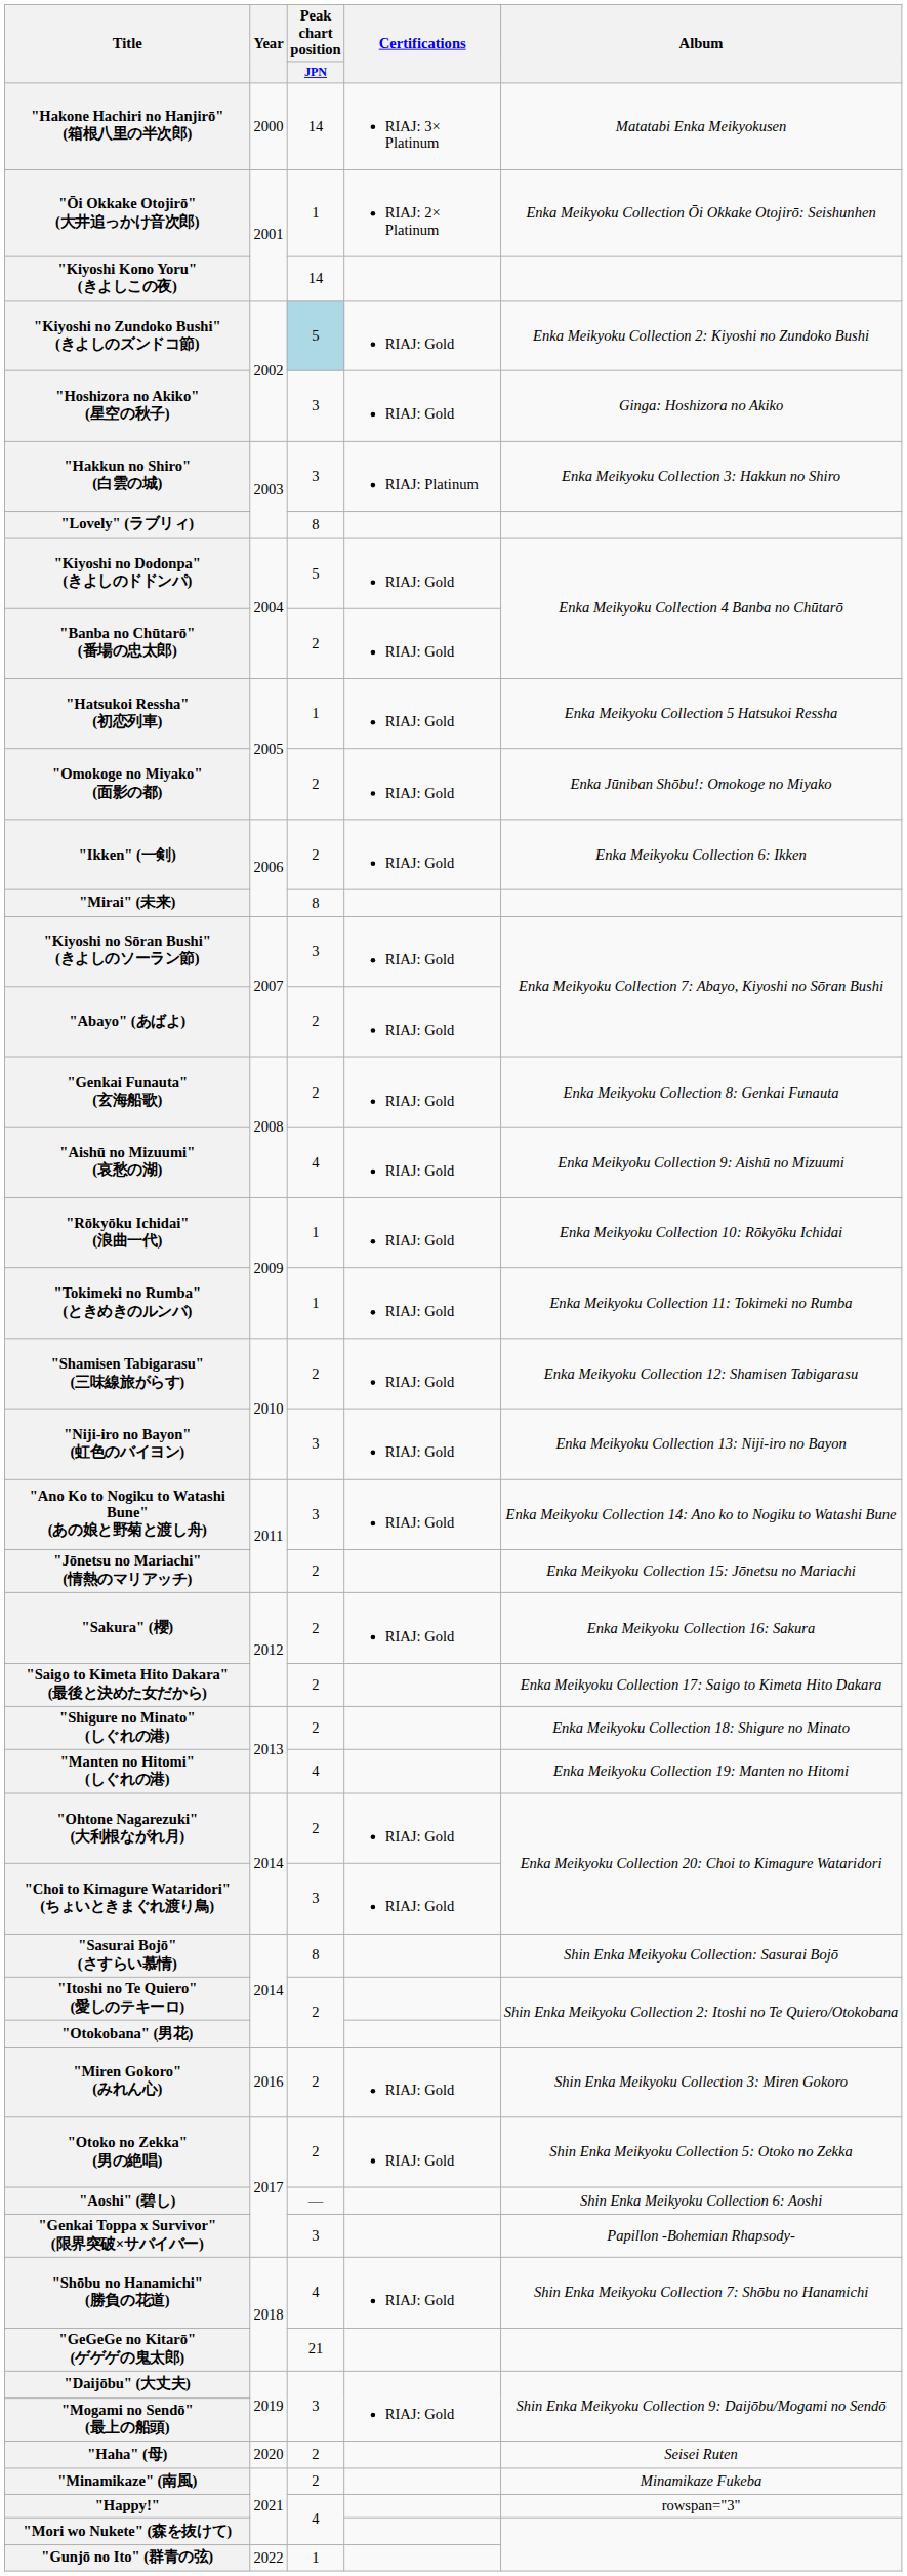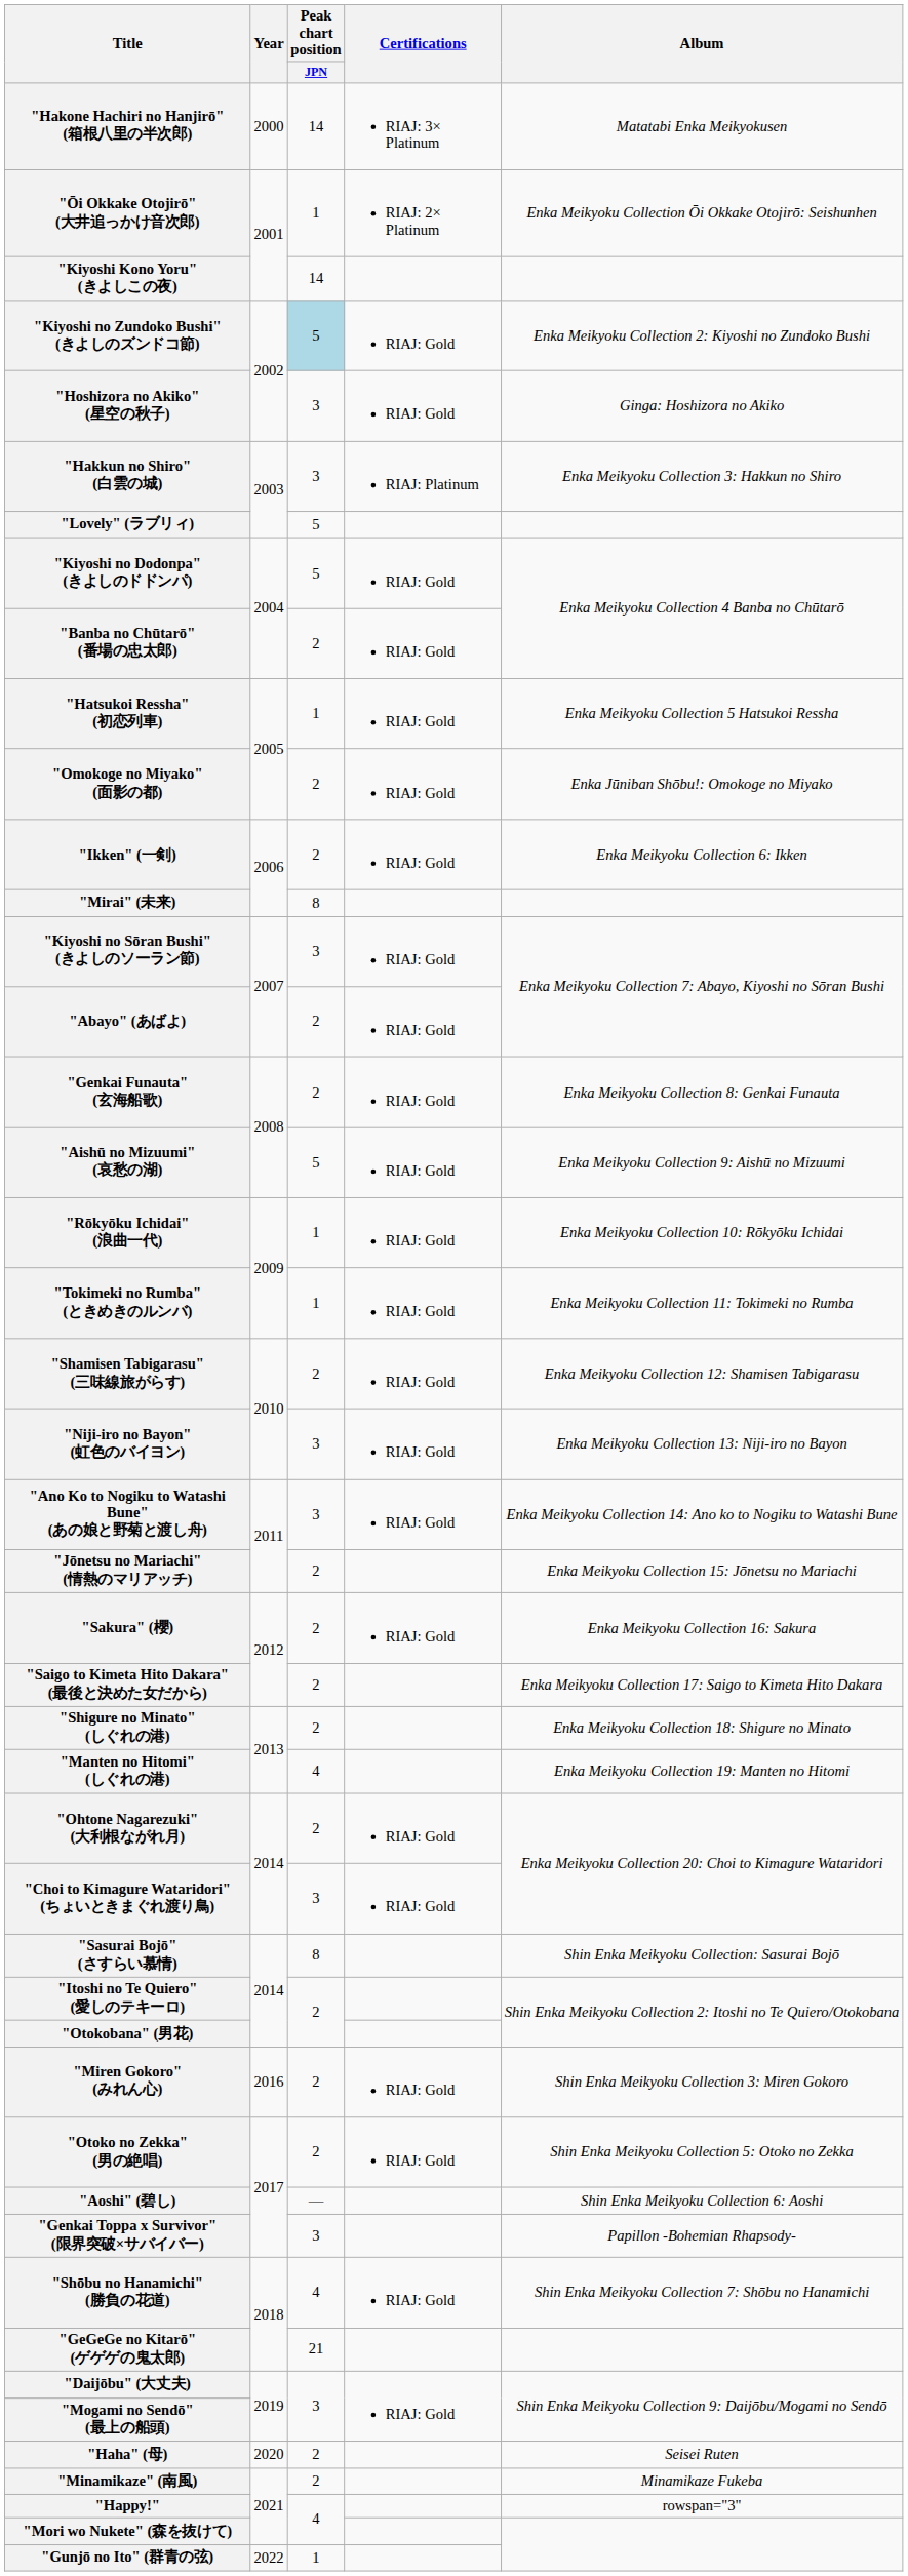 <table class="wikitable plainrowheaders" style="text-align:center;">
 <tr>
 <th rowspan="2" style="width:16em;">Title</th>
 <th rowspan="2">Year</th>
 <th colspan="1">Peak chart position</th>
 <th rowspan="2" style="width:10em;"><a href='#'>Certifications</a></th>
 <th rowspan="2">Album</th>
 </tr>
 <tr style="font-size:smaller;">
 <th width="35"><a href='#'>JPN</a><br></th>
 </tr>
 <tr>
 <th scope="row">"Hakone Hachiri no Hanjirō"<br>(箱根八里の半次郎)</th>
 <td>2000</td>
 <td>14</td>
 <td align="left"><br><ul><li>RIAJ: 3× Platinum</li></ul></td>
 <td><em>Matatabi Enka Meikyokusen</em></td>
 </tr>
 <tr>
 <th scope="row">"Ōi Okkake Otojirō"<br>(大井追っかけ音次郎)</th>
 <td rowspan="2">2001</td>
 <td>1</td>
 <td align="left"><br><ul><li>RIAJ: 2× Platinum</li></ul></td>
 <td><em>Enka Meikyoku Collection Ōi Okkake Otojirō: Seishunhen</em></td>
 </tr>
 <tr>
 <th scope="row">"Kiyoshi Kono Yoru"<br>(きよしこの夜)</th>
 <td>14</td>
 <td align="left"></td>
 <td></td>
 </tr>
 <tr>
 <th scope="row">"Kiyoshi no Zundoko Bushi"<br>(きよしのズンドコ節)</th>
 <td rowspan="2">2002</td>
 <td style="background: lightblue;">5</td>
 <td align="left"><br><ul><li>RIAJ: Gold</li></ul></td>
 <td><em>Enka Meikyoku Collection 2: Kiyoshi no Zundoko Bushi</em></td>
 </tr>
 <tr>
 <th scope="row">"Hoshizora no Akiko"<br>(星空の秋子)</th>
 <td>3</td>
 <td align="left"><br><ul><li>RIAJ: Gold</li></ul></td>
 <td><em>Ginga: Hoshizora no Akiko</em></td>
 </tr>
 <tr>
 <th scope="row">"Hakkun no Shiro"<br>(白雲の城)</th>
 <td rowspan="2">2003</td>
 <td>3</td>
 <td align="left"><br><ul><li>RIAJ: Platinum</li></ul></td>
 <td><em>Enka Meikyoku Collection 3: Hakkun no Shiro</em></td>
 </tr>
 <tr>
 <th scope="row">"Lovely" (ラブリィ) <br></th>
-<td>8</td>
+<td>5</td>
 <td align="left"></td>
 <td></td>
 </tr>
 <tr>
 <th scope="row">"Kiyoshi no Dodonpa"<br>(きよしのドドンパ)</th>
 <td rowspan="2">2004</td>
 <td>5</td>
 <td align="left"><br><ul><li>RIAJ: Gold</li></ul></td>
 <td rowspan="2"><em>Enka Meikyoku Collection 4 Banba no Chūtarō</em></td>
 </tr>
 <tr>
 <th scope="row">"Banba no Chūtarō"<br>(番場の忠太郎)</th>
 <td>2</td>
 <td align="left"><br><ul><li>RIAJ: Gold</li></ul></td>
 </tr>
 <tr>
 <th scope="row">"Hatsukoi Ressha"<br>(初恋列車)</th>
 <td rowspan="2">2005</td>
 <td>1</td>
 <td align="left"><br><ul><li>RIAJ: Gold</li></ul></td>
 <td><em>Enka Meikyoku Collection 5 Hatsukoi Ressha</em></td>
 </tr>
 <tr>
 <th scope="row">"Omokoge no Miyako"<br>(面影の都)</th>
 <td>2</td>
 <td align="left"><br><ul><li>RIAJ: Gold</li></ul></td>
 <td><em>Enka Jūniban Shōbu!: Omokoge no Miyako</em></td>
 </tr>
 <tr>
 <th scope="row">"Ikken" (一剣)</th>
 <td rowspan="2">2006</td>
 <td>2</td>
 <td align="left"><br><ul><li>RIAJ: Gold</li></ul></td>
 <td><em>Enka Meikyoku Collection 6: Ikken</em></td>
 </tr>
 <tr>
 <th scope="row">"Mirai" (未来)</th>
 <td>8</td>
 <td align="left"></td>
 <td></td>
 </tr>
 <tr>
 <th scope="row">"Kiyoshi no Sōran Bushi"<br>(きよしのソーラン節)</th>
 <td rowspan="2">2007</td>
 <td>3</td>
 <td align="left"><br><ul><li>RIAJ: Gold</li></ul></td>
 <td rowspan="2"><em>Enka Meikyoku Collection 7: Abayo, Kiyoshi no Sōran Bushi</em></td>
 </tr>
 <tr>
 <th scope="row">"Abayo" (あばよ)</th>
 <td>2</td>
 <td align="left"><br><ul><li>RIAJ: Gold</li></ul></td>
 </tr>
 <tr>
 <th scope="row">"Genkai Funauta"<br>(玄海船歌)</th>
 <td rowspan="2">2008</td>
 <td>2</td>
 <td align="left"><br><ul><li>RIAJ: Gold</li></ul></td>
 <td><em>Enka Meikyoku Collection 8: Genkai Funauta</em></td>
 </tr>
 <tr>
 <th scope="row">"Aishū no Mizuumi"<br>(哀愁の湖)</th>
-<td>4</td>
+<td>5</td>
 <td align="left"><br><ul><li>RIAJ: Gold</li></ul></td>
 <td><em>Enka Meikyoku Collection 9: Aishū no Mizuumi</em></td>
 </tr>
 <tr>
 <th scope="row">"Rōkyōku Ichidai"<br>(浪曲一代)</th>
 <td rowspan="2">2009</td>
 <td>1</td>
 <td align="left"><br><ul><li>RIAJ: Gold</li></ul></td>
 <td><em>Enka Meikyoku Collection 10: Rōkyōku Ichidai</em></td>
 </tr>
 <tr>
 <th scope="row">"Tokimeki no Rumba"<br>(ときめきのルンバ)</th>
 <td>1</td>
 <td align="left"><br><ul><li>RIAJ: Gold</li></ul></td>
 <td><em>Enka Meikyoku Collection 11: Tokimeki no Rumba</em></td>
 </tr>
 <tr>
 <th scope="row">"Shamisen Tabigarasu"<br>(三味線旅がらす)</th>
 <td rowspan="2">2010</td>
 <td>2</td>
 <td align="left"><br><ul><li>RIAJ: Gold</li></ul></td>
 <td><em>Enka Meikyoku Collection 12: Shamisen Tabigarasu</em></td>
 </tr>
 <tr>
 <th scope="row">"Niji-iro no Bayon"<br>(虹色のバイヨン)</th>
 <td>3</td>
 <td align="left"><br><ul><li>RIAJ: Gold</li></ul></td>
 <td><em>Enka Meikyoku Collection 13: Niji-iro no Bayon</em></td>
 </tr>
 <tr>
 <th scope="row">"Ano Ko to Nogiku to Watashi Bune"<br>(あの娘と野菊と渡し舟)</th>
 <td rowspan="2">2011</td>
 <td>3</td>
 <td align="left"><br><ul><li>RIAJ: Gold</li></ul></td>
 <td><em>Enka Meikyoku Collection 14: Ano ko to Nogiku to Watashi Bune</em></td>
 </tr>
 <tr>
 <th scope="row">"Jōnetsu no Mariachi"<br>(情熱のマリアッチ)</th>
 <td>2</td>
 <td align="left"></td>
 <td><em>Enka Meikyoku Collection 15: Jōnetsu no Mariachi</em></td>
 </tr>
 <tr>
 <th scope="row">"Sakura" (櫻)</th>
 <td rowspan="2">2012</td>
 <td>2</td>
 <td align="left"><br><ul><li>RIAJ: Gold</li></ul></td>
 <td><em>Enka Meikyoku Collection 16: Sakura</em></td>
 </tr>
 <tr>
 <th scope="row">"Saigo to Kimeta Hito Dakara"<br>(最後と決めた女だから)</th>
 <td>2</td>
 <td align="left"></td>
 <td><em>Enka Meikyoku Collection 17: Saigo to Kimeta Hito Dakara</em></td>
 </tr>
 <tr>
 <th scope="row">"Shigure no Minato"<br>(しぐれの港)</th>
 <td rowspan="2">2013</td>
 <td>2</td>
 <td align="left"></td>
 <td><em>Enka Meikyoku Collection 18: Shigure no Minato</em></td>
 </tr>
 <tr>
 <th scope="row">"Manten no Hitomi"<br>(しぐれの港)</th>
 <td>4</td>
 <td align="left"></td>
 <td><em>Enka Meikyoku Collection 19: Manten no Hitomi</em></td>
 </tr>
 <tr>
 <th scope="row">"Ohtone Nagarezuki"<br>(大利根ながれ月)</th>
 <td rowspan="2">2014</td>
 <td>2</td>
 <td align="left"><br><ul><li>RIAJ: Gold</li></ul></td>
 <td rowspan="2"><em>Enka Meikyoku Collection 20: Choi to Kimagure Wataridori</em></td>
 </tr>
 <tr>
 <th scope="row">"Choi to Kimagure Wataridori"<br>(ちょいときまぐれ渡り鳥)</th>
 <td>3</td>
 <td align="left"><br><ul><li>RIAJ: Gold</li></ul></td>
 </tr>
 <tr>
 <th scope="row">"Sasurai Bojō"<br>(さすらい慕情)</th>
 <td rowspan="3">2014</td>
 <td>8</td>
 <td align="left"></td>
 <td><em>Shin Enka Meikyoku Collection: Sasurai Bojō</em></td>
 </tr>
 <tr>
 <th scope="row">"Itoshi no Te Quiero"<br>(愛しのテキーロ)</th>
 <td rowspan="2">2</td>
 <td align="left"></td>
 <td rowspan="2"><em>Shin Enka Meikyoku Collection 2: Itoshi no Te Quiero/Otokobana</em></td>
 </tr>
 <tr>
 <th scope="row">"Otokobana" (男花)</th>
 <td align="left"></td>
 </tr>
 <tr>
 <th scope="row">"Miren Gokoro"<br>(みれん心)</th>
 <td>2016</td>
 <td>2</td>
 <td align="left"><br><ul><li>RIAJ: Gold</li></ul></td>
 <td><em>Shin Enka Meikyoku Collection 3: Miren Gokoro</em></td>
 </tr>
 <tr>
 <th scope="row">"Otoko no Zekka"<br>(男の絶唱)</th>
 <td rowspan="3">2017</td>
 <td>2</td>
 <td align="left"><br><ul><li>RIAJ: Gold</li></ul></td>
 <td><em>Shin Enka Meikyoku Collection 5: Otoko no Zekka</em></td>
 </tr>
 <tr>
 <th scope="row">"Aoshi" (碧し)</th>
 <td>—</td>
 <td align="left"></td>
 <td><em>Shin Enka Meikyoku Collection 6: Aoshi</em></td>
 </tr>
 <tr>
 <th scope="row">"Genkai Toppa x Survivor"<br>(限界突破×サバイバー)</th>
 <td>3</td>
 <td align="left"></td>
 <td><em>Papillon -Bohemian Rhapsody-</em></td>
 </tr>
 <tr>
 <th scope="row">"Shōbu no Hanamichi"<br>(勝負の花道)</th>
 <td rowspan="2">2018</td>
 <td>4</td>
 <td align="left"><br><ul><li>RIAJ: Gold</li></ul></td>
 <td><em>Shin Enka Meikyoku Collection 7: Shōbu no Hanamichi</em></td>
 </tr>
 <tr>
 <th scope="row">"GeGeGe no Kitarō"<br>(ゲゲゲの鬼太郎)</th>
 <td>21</td>
 <td align="left"></td>
 <td></td>
 </tr>
 <tr>
 <th scope="row">"Daijōbu" (大丈夫)</th>
 <td rowspan="2">2019</td>
 <td rowspan="2">3</td>
 <td align="left" rowspan="2"><br><ul><li>RIAJ: Gold</li></ul></td>
 <td rowspan="2"><em>Shin Enka Meikyoku Collection 9: Daijōbu/Mogami no Sendō</em></td>
 </tr>
 <tr>
 <th scope="row">"Mogami no Sendō"<br>(最上の船頭)</th>
 </tr>
 <tr>
 <th scope="row">"Haha" (母)</th>
 <td>2020</td>
 <td>2</td>
 <td align="left"></td>
 <td><em>Seisei Ruten</em></td>
 </tr>
 <tr>
 <th scope="row">"Minamikaze" (南風)</th>
 <td rowspan="3">2021</td>
 <td>2</td>
 <td align="left"></td>
 <td><em>Minamikaze Fukeba</em></td>
 </tr>
 <tr>
 <th scope="row">"Happy!"</th>
 <td rowspan="2">4</td>
 <td></td>
 <td>rowspan="3" </td>
 </tr>
 <tr>
 <th scope="row">"Mori wo Nukete" (森を抜けて)</th>
 <td></td>
 </tr>
 <tr>
 <th scope="row">"Gunjō no Ito" (群青の弦)</th>
 <td>2022</td>
 <td>1</td>
 <td></td>
 </tr>
 </table>
